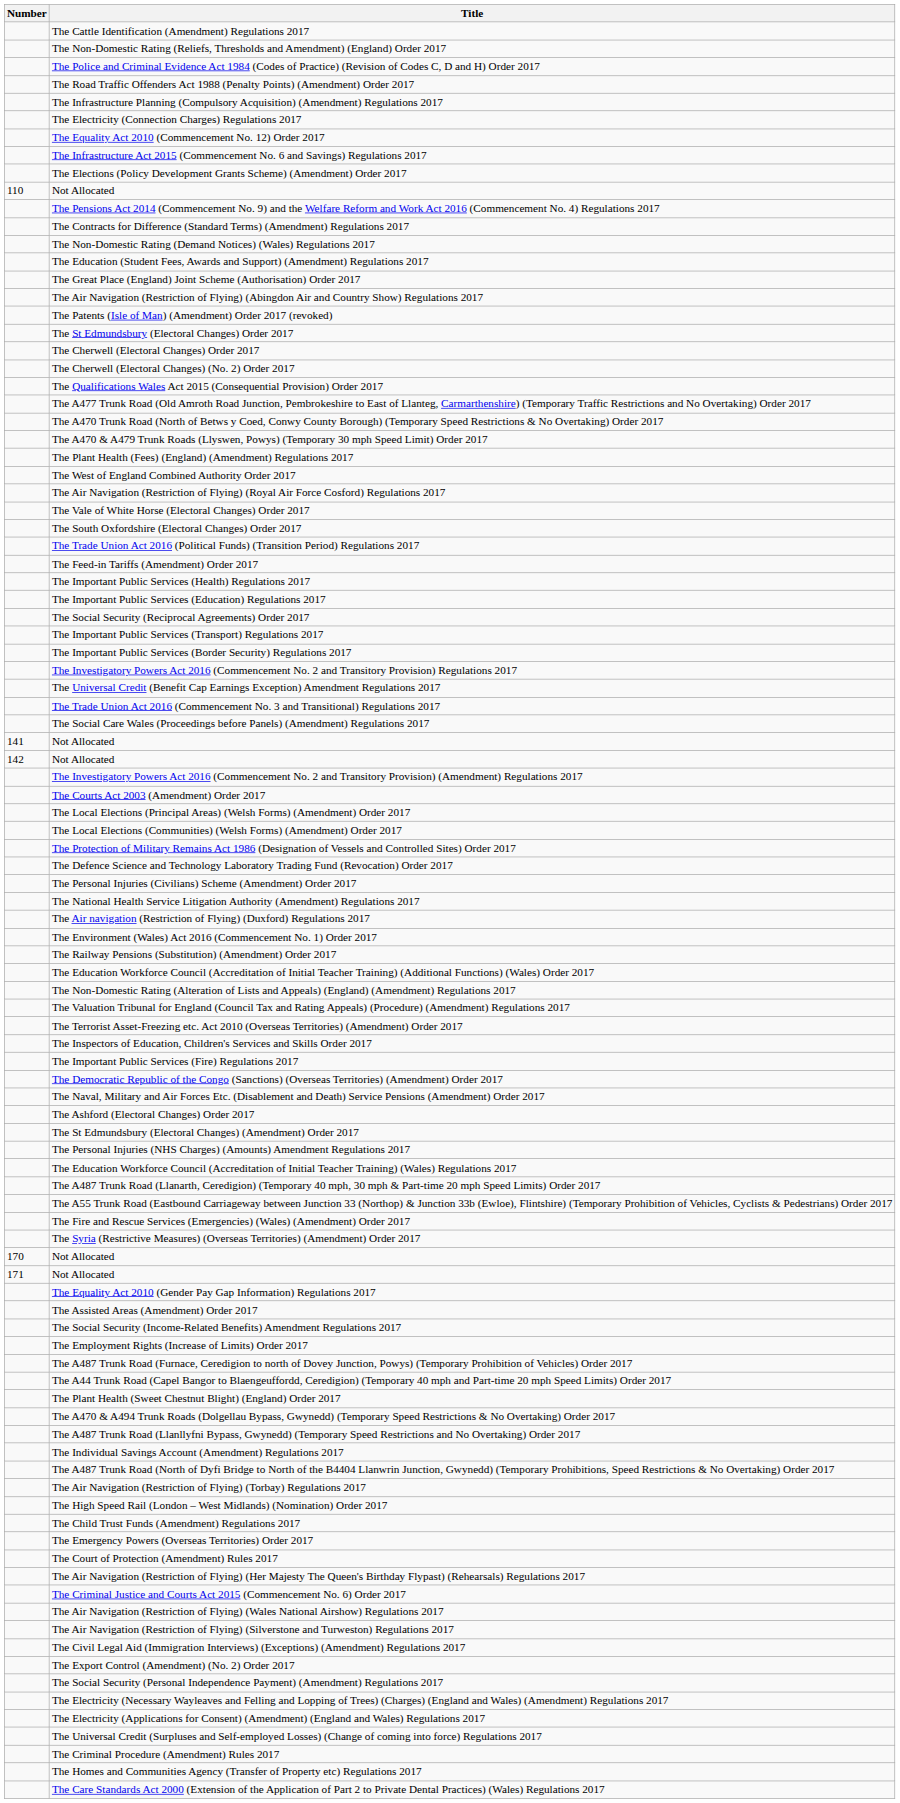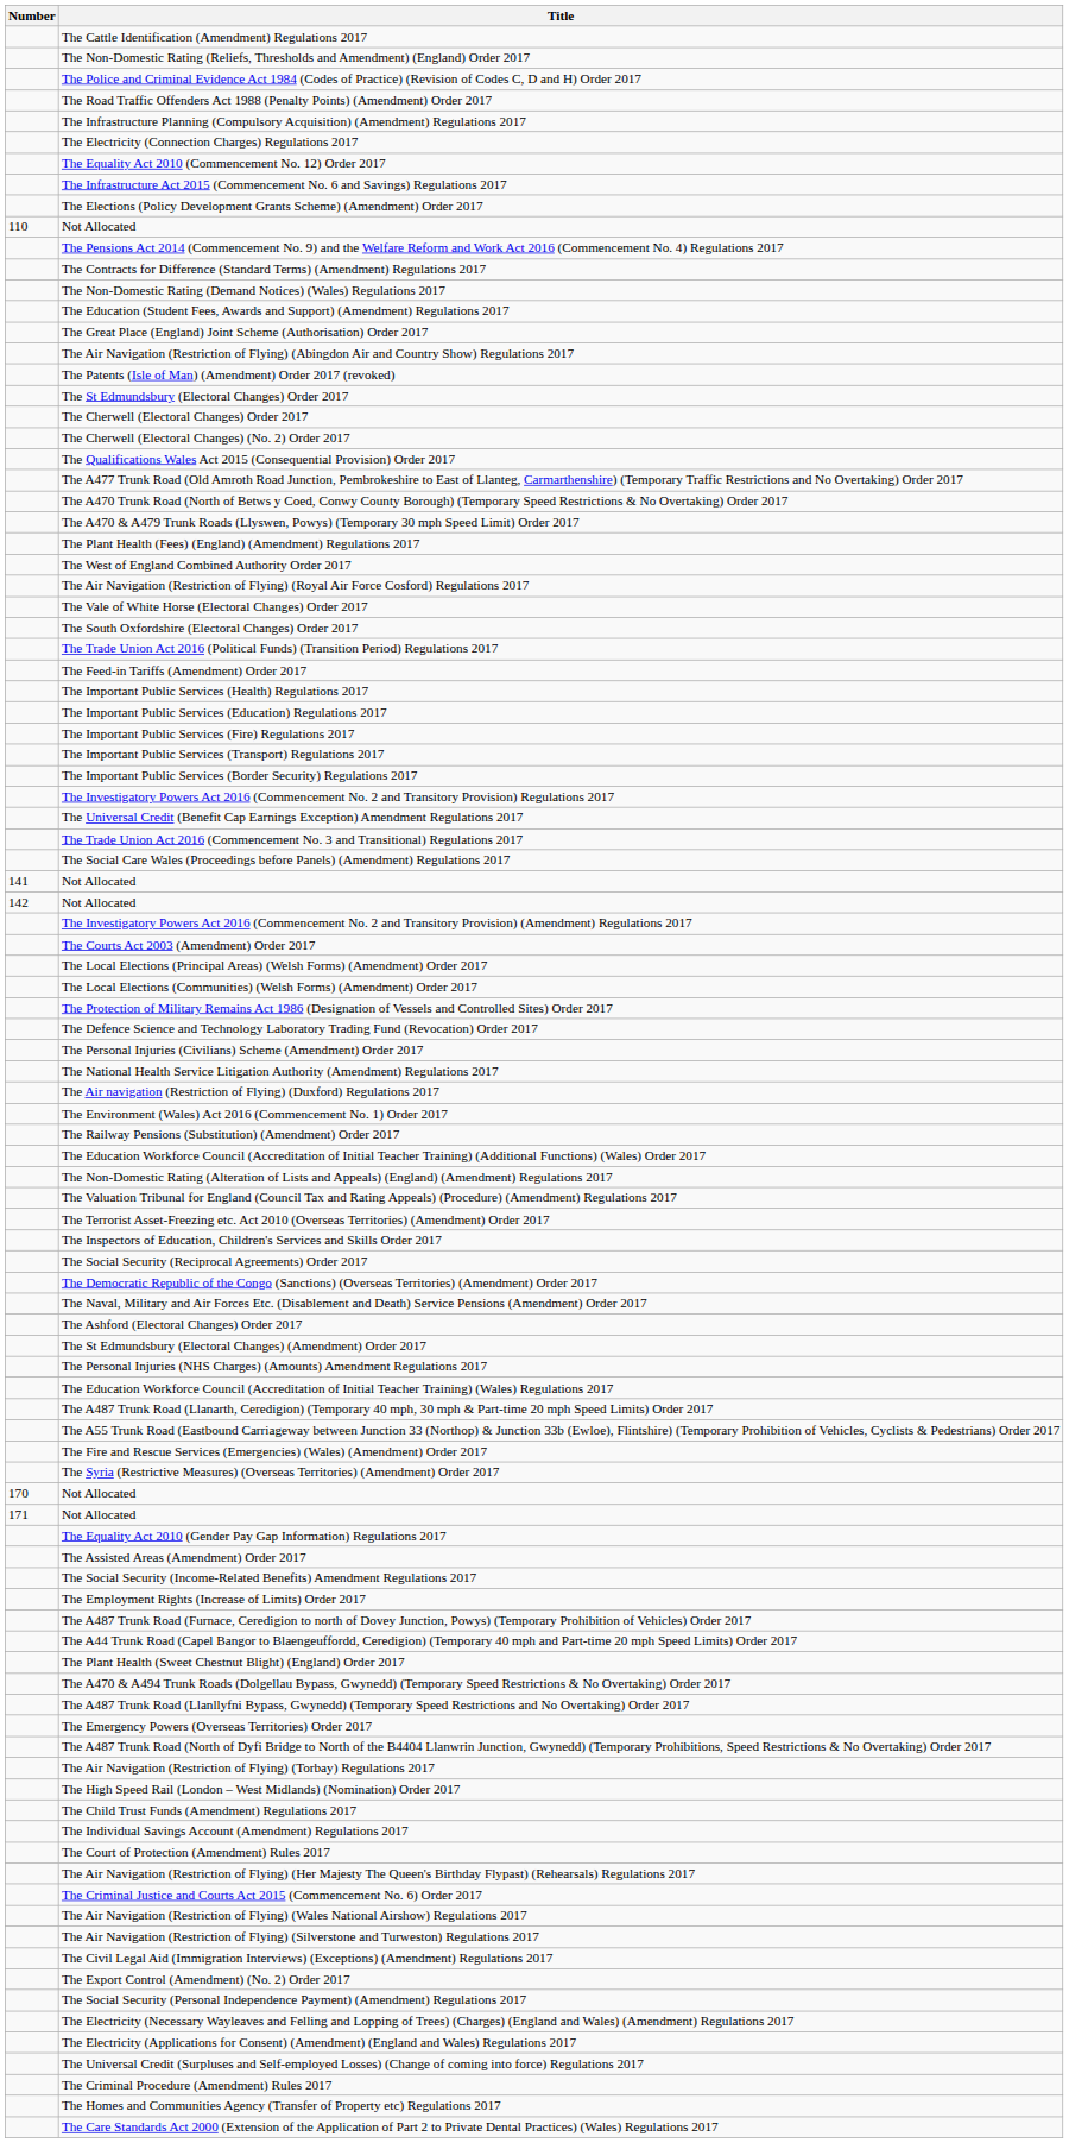 <table class="wikitable collapsible">
 <tr>
 <th>Number</th>
 <th>Title</th>
 </tr>
 <tr>
 <td></td>
 <td>The Cattle Identification (Amendment) Regulations 2017</td>
 </tr>
 <tr>
 <td></td>
 <td>The Non-Domestic Rating (Reliefs, Thresholds and Amendment) (England) Order 2017</td>
 </tr>
 <tr>
 <td></td>
 <td><a href='#'>The Police and Criminal Evidence Act 1984</a> (Codes of Practice) (Revision of Codes C, D and H) Order 2017</td>
 </tr>
 <tr>
 <td></td>
 <td>The Road Traffic Offenders Act 1988 (Penalty Points) (Amendment) Order 2017</td>
 </tr>
 <tr>
 <td></td>
 <td>The Infrastructure Planning (Compulsory Acquisition) (Amendment) Regulations 2017</td>
 </tr>
 <tr>
 <td></td>
 <td>The Electricity (Connection Charges) Regulations 2017</td>
 </tr>
 <tr>
 <td></td>
 <td><a href='#'>The Equality Act 2010</a> (Commencement No. 12) Order 2017</td>
 </tr>
 <tr>
 <td></td>
 <td><a href='#'>The Infrastructure Act 2015</a> (Commencement No. 6 and Savings) Regulations 2017</td>
 </tr>
 <tr>
 <td></td>
 <td>The Elections (Policy Development Grants Scheme) (Amendment) Order 2017</td>
 </tr>
 <tr>
 <td>110</td>
 <td>Not Allocated</td>
 </tr>
 <tr>
 <td></td>
 <td><a href='#'>The Pensions Act 2014</a> (Commencement No. 9) and the <a href='#'>Welfare Reform and Work Act 2016</a> (Commencement No. 4) Regulations 2017</td>
 </tr>
 <tr>
 <td></td>
 <td>The Contracts for Difference (Standard Terms) (Amendment) Regulations 2017</td>
 </tr>
 <tr>
 <td></td>
 <td>The Non-Domestic Rating (Demand Notices) (Wales) Regulations 2017</td>
 </tr>
 <tr>
 <td></td>
 <td>The Education (Student Fees, Awards and Support) (Amendment) Regulations 2017</td>
 </tr>
 <tr>
 <td></td>
 <td>The Great Place (England) Joint Scheme (Authorisation) Order 2017</td>
 </tr>
 <tr>
 <td></td>
 <td>The Air Navigation (Restriction of Flying) (Abingdon Air and Country Show) Regulations 2017</td>
 </tr>
 <tr>
 <td></td>
 <td>The Patents (<a href='#'>Isle of Man</a>) (Amendment) Order 2017 (revoked)</td>
 </tr>
 <tr>
 <td></td>
 <td>The <a href='#'>St Edmundsbury</a> (Electoral Changes) Order 2017</td>
 </tr>
 <tr>
 <td></td>
 <td>The Cherwell (Electoral Changes) Order 2017</td>
 </tr>
 <tr>
 <td></td>
 <td>The Cherwell (Electoral Changes) (No. 2) Order 2017</td>
 </tr>
 <tr>
 <td></td>
 <td>The <a href='#'>Qualifications Wales</a> Act 2015 (Consequential Provision) Order 2017</td>
 </tr>
 <tr>
 <td></td>
 <td>The A477 Trunk Road (Old Amroth Road Junction, Pembrokeshire to East of Llanteg, <a href='#'>Carmarthenshire</a>) (Temporary Traffic Restrictions and No Overtaking) Order 2017</td>
 </tr>
 <tr>
 <td></td>
 <td>The A470 Trunk Road (North of Betws y Coed, Conwy County Borough) (Temporary Speed Restrictions & No Overtaking) Order 2017</td>
 </tr>
 <tr>
 <td></td>
 <td>The A470 & A479 Trunk Roads (Llyswen, Powys) (Temporary 30 mph Speed Limit) Order 2017</td>
 </tr>
 <tr>
 <td></td>
 <td>The Plant Health (Fees) (England) (Amendment) Regulations 2017</td>
 </tr>
 <tr>
 <td></td>
 <td>The West of England Combined Authority Order 2017</td>
 </tr>
 <tr>
 <td></td>
 <td>The Air Navigation (Restriction of Flying) (Royal Air Force Cosford) Regulations 2017</td>
 </tr>
 <tr>
 <td></td>
 <td>The Vale of White Horse (Electoral Changes) Order 2017</td>
 </tr>
 <tr>
 <td></td>
 <td>The South Oxfordshire (Electoral Changes) Order 2017</td>
 </tr>
 <tr>
 <td></td>
 <td><a href='#'>The Trade Union Act 2016</a> (Political Funds) (Transition Period) Regulations 2017</td>
 </tr>
 <tr>
 <td></td>
 <td>The Feed-in Tariffs (Amendment) Order 2017</td>
 </tr>
 <tr>
 <td></td>
 <td>The Important Public Services (Health) Regulations 2017</td>
 </tr>
 <tr>
 <td></td>
 <td>The Important Public Services (Education) Regulations 2017</td>
 </tr>
 <tr>
 <td></td>
-<td>The Social Security (Reciprocal Agreements) Order 2017</td>
+<td>The Important Public Services (Fire) Regulations 2017</td>
 </tr>
 <tr>
 <td></td>
 <td>The Important Public Services (Transport) Regulations 2017</td>
 </tr>
 <tr>
 <td></td>
 <td>The Important Public Services (Border Security) Regulations 2017</td>
 </tr>
 <tr>
 <td></td>
 <td><a href='#'>The Investigatory Powers Act 2016</a> (Commencement No. 2 and Transitory Provision) Regulations 2017</td>
 </tr>
 <tr>
 <td></td>
 <td>The <a href='#'>Universal Credit</a> (Benefit Cap Earnings Exception) Amendment Regulations 2017</td>
 </tr>
 <tr>
 <td></td>
 <td><a href='#'>The Trade Union Act 2016</a> (Commencement No. 3 and Transitional) Regulations 2017</td>
 </tr>
 <tr>
 <td></td>
 <td>The Social Care Wales (Proceedings before Panels) (Amendment) Regulations 2017</td>
 </tr>
 <tr>
 <td>141</td>
 <td>Not Allocated</td>
 </tr>
 <tr>
 <td>142</td>
 <td>Not Allocated</td>
 </tr>
 <tr>
 <td></td>
 <td><a href='#'>The Investigatory Powers Act 2016</a> (Commencement No. 2 and Transitory Provision) (Amendment) Regulations 2017</td>
 </tr>
 <tr>
 <td></td>
 <td><a href='#'>The Courts Act 2003</a> (Amendment) Order 2017</td>
 </tr>
 <tr>
 <td></td>
 <td>The Local Elections (Principal Areas) (Welsh Forms) (Amendment) Order 2017</td>
 </tr>
 <tr>
 <td></td>
 <td>The Local Elections (Communities) (Welsh Forms) (Amendment) Order 2017</td>
 </tr>
 <tr>
 <td></td>
 <td><a href='#'>The Protection of Military Remains Act 1986</a> (Designation of Vessels and Controlled Sites) Order 2017</td>
 </tr>
 <tr>
 <td></td>
 <td>The Defence Science and Technology Laboratory Trading Fund (Revocation) Order 2017</td>
 </tr>
 <tr>
 <td></td>
 <td>The Personal Injuries (Civilians) Scheme (Amendment) Order 2017</td>
 </tr>
 <tr>
 <td></td>
 <td>The National Health Service Litigation Authority (Amendment) Regulations 2017</td>
 </tr>
 <tr>
 <td></td>
 <td>The <a href='#'>Air navigation</a> (Restriction of Flying) (Duxford) Regulations 2017</td>
 </tr>
 <tr>
 <td></td>
 <td>The Environment (Wales) Act 2016 (Commencement No. 1) Order 2017</td>
 </tr>
 <tr>
 <td></td>
 <td>The Railway Pensions (Substitution) (Amendment) Order 2017</td>
 </tr>
 <tr>
 <td></td>
 <td>The Education Workforce Council (Accreditation of Initial Teacher Training) (Additional Functions) (Wales) Order 2017</td>
 </tr>
 <tr>
 <td></td>
 <td>The Non-Domestic Rating (Alteration of Lists and Appeals) (England) (Amendment) Regulations 2017</td>
 </tr>
 <tr>
 <td></td>
 <td>The Valuation Tribunal for England (Council Tax and Rating Appeals) (Procedure) (Amendment) Regulations 2017</td>
 </tr>
 <tr>
 <td></td>
 <td>The Terrorist Asset-Freezing etc. Act 2010 (Overseas Territories) (Amendment) Order 2017</td>
 </tr>
 <tr>
 <td></td>
 <td>The Inspectors of Education, Children's Services and Skills Order 2017</td>
 </tr>
 <tr>
 <td></td>
-<td>The Important Public Services (Fire) Regulations 2017</td>
+<td>The Social Security (Reciprocal Agreements) Order 2017</td>
 </tr>
 <tr>
 <td></td>
 <td><a href='#'>The Democratic Republic of the Congo</a> (Sanctions) (Overseas Territories) (Amendment) Order 2017</td>
 </tr>
 <tr>
 <td></td>
 <td>The Naval, Military and Air Forces Etc. (Disablement and Death) Service Pensions (Amendment) Order 2017</td>
 </tr>
 <tr>
 <td></td>
 <td>The Ashford (Electoral Changes) Order 2017</td>
 </tr>
 <tr>
 <td></td>
 <td>The St Edmundsbury (Electoral Changes) (Amendment) Order 2017</td>
 </tr>
 <tr>
 <td></td>
 <td>The Personal Injuries (NHS Charges) (Amounts) Amendment Regulations 2017</td>
 </tr>
 <tr>
 <td></td>
 <td>The Education Workforce Council (Accreditation of Initial Teacher Training) (Wales) Regulations 2017</td>
 </tr>
 <tr>
 <td></td>
 <td>The A487 Trunk Road (Llanarth, Ceredigion) (Temporary 40 mph, 30 mph & Part-time 20 mph Speed Limits) Order 2017</td>
 </tr>
 <tr>
 <td></td>
 <td>The A55 Trunk Road (Eastbound Carriageway between Junction 33 (Northop) & Junction 33b (Ewloe), Flintshire) (Temporary Prohibition of Vehicles, Cyclists & Pedestrians) Order 2017</td>
 </tr>
 <tr>
 <td></td>
 <td>The Fire and Rescue Services (Emergencies) (Wales) (Amendment) Order 2017</td>
 </tr>
 <tr>
 <td></td>
 <td>The <a href='#'>Syria</a> (Restrictive Measures) (Overseas Territories) (Amendment) Order 2017</td>
 </tr>
 <tr>
 <td>170</td>
 <td>Not Allocated</td>
 </tr>
 <tr>
 <td>171</td>
 <td>Not Allocated</td>
 </tr>
 <tr>
 <td></td>
 <td><a href='#'>The Equality Act 2010</a> (Gender Pay Gap Information) Regulations 2017</td>
 </tr>
 <tr>
 <td></td>
 <td>The Assisted Areas (Amendment) Order 2017</td>
 </tr>
 <tr>
 <td></td>
 <td>The Social Security (Income-Related Benefits) Amendment Regulations 2017</td>
 </tr>
 <tr>
 <td></td>
 <td>The Employment Rights (Increase of Limits) Order 2017</td>
 </tr>
 <tr>
 <td></td>
 <td>The A487 Trunk Road (Furnace, Ceredigion to north of Dovey Junction, Powys) (Temporary Prohibition of Vehicles) Order 2017</td>
 </tr>
 <tr>
 <td></td>
 <td>The A44 Trunk Road (Capel Bangor to Blaengeuffordd, Ceredigion) (Temporary 40 mph and Part-time 20 mph Speed Limits) Order 2017</td>
 </tr>
 <tr>
 <td></td>
 <td>The Plant Health (Sweet Chestnut Blight) (England) Order 2017</td>
 </tr>
 <tr>
 <td></td>
 <td>The A470 & A494 Trunk Roads (Dolgellau Bypass, Gwynedd) (Temporary Speed Restrictions & No Overtaking) Order 2017</td>
 </tr>
 <tr>
 <td></td>
 <td>The A487 Trunk Road (Llanllyfni Bypass, Gwynedd) (Temporary Speed Restrictions and No Overtaking) Order 2017</td>
 </tr>
 <tr>
 <td></td>
-<td>The Individual Savings Account (Amendment) Regulations 2017</td>
+<td>The Emergency Powers (Overseas Territories) Order 2017</td>
 </tr>
 <tr>
 <td></td>
 <td>The A487 Trunk Road (North of Dyfi Bridge to North of the B4404 Llanwrin Junction, Gwynedd) (Temporary Prohibitions, Speed Restrictions & No Overtaking) Order 2017</td>
 </tr>
 <tr>
 <td></td>
 <td>The Air Navigation (Restriction of Flying) (Torbay) Regulations 2017</td>
 </tr>
 <tr>
 <td></td>
 <td>The High Speed Rail (London – West Midlands) (Nomination) Order 2017</td>
 </tr>
 <tr>
 <td></td>
 <td>The Child Trust Funds (Amendment) Regulations 2017</td>
 </tr>
 <tr>
 <td></td>
-<td>The Emergency Powers (Overseas Territories) Order 2017</td>
+<td>The Individual Savings Account (Amendment) Regulations 2017</td>
 </tr>
 <tr>
 <td></td>
 <td>The Court of Protection (Amendment) Rules 2017</td>
 </tr>
 <tr>
 <td></td>
 <td>The Air Navigation (Restriction of Flying) (Her Majesty The Queen's Birthday Flypast) (Rehearsals) Regulations 2017</td>
 </tr>
 <tr>
 <td></td>
 <td><a href='#'>The Criminal Justice and Courts Act 2015</a> (Commencement No. 6) Order 2017</td>
 </tr>
 <tr>
 <td></td>
 <td>The Air Navigation (Restriction of Flying) (Wales National Airshow) Regulations 2017</td>
 </tr>
 <tr>
 <td></td>
 <td>The Air Navigation (Restriction of Flying) (Silverstone and Turweston) Regulations 2017</td>
 </tr>
 <tr>
 <td></td>
 <td>The Civil Legal Aid (Immigration Interviews) (Exceptions) (Amendment) Regulations 2017</td>
 </tr>
 <tr>
 <td></td>
 <td>The Export Control (Amendment) (No. 2) Order 2017</td>
 </tr>
 <tr>
 <td></td>
 <td>The Social Security (Personal Independence Payment) (Amendment) Regulations 2017</td>
 </tr>
 <tr>
 <td></td>
 <td>The Electricity (Necessary Wayleaves and Felling and Lopping of Trees) (Charges) (England and Wales) (Amendment) Regulations 2017</td>
 </tr>
 <tr>
 <td></td>
 <td>The Electricity (Applications for Consent) (Amendment) (England and Wales) Regulations 2017</td>
 </tr>
 <tr>
 <td></td>
 <td>The Universal Credit (Surpluses and Self-employed Losses) (Change of coming into force) Regulations 2017</td>
 </tr>
 <tr>
 <td></td>
 <td>The Criminal Procedure (Amendment) Rules 2017</td>
 </tr>
 <tr>
 <td></td>
 <td>The Homes and Communities Agency (Transfer of Property etc) Regulations 2017</td>
 </tr>
 <tr>
 <td></td>
 <td><a href='#'>The Care Standards Act 2000</a> (Extension of the Application of Part 2 to Private Dental Practices) (Wales) Regulations 2017</td>
 </tr>
 </table>
